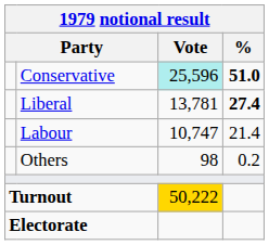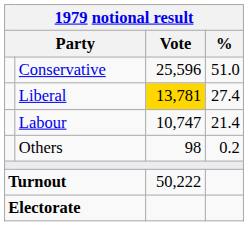 <table class="wikitable">
 <tr>
 <th colspan="4"><a href='#'>1979</a> <a href='#'>notional result</a></th>
 </tr>
 <tr>
 <th bgcolor="#DDDDFF" width="130px" colspan="2">Party</th>
 <th bgcolor="#DDDDFF" width="50px">Vote</th>
 <th bgcolor="#DDDDFF" width="30px">%</th>
 </tr>
 <tr>
 <td></td>
 <td><a href='#'>Conservative</a></td>
-<td align=right style="background: paleturquoise;">25,596</td>
-<td align=right><strong>51.0</strong></td>
+<td align=right>25,596</td>
+<td align=right>51.0</td>
 </tr>
 <tr>
 <td></td>
 <td><a href='#'>Liberal</a></td>
-<td align=right>13,781</td>
-<td align=right><strong>27.4</strong></td>
+<td align=right style="background: gold;">13,781</td>
+<td align=right>27.4</td>
 </tr>
 <tr>
 <td></td>
 <td><a href='#'>Labour</a></td>
 <td align=right>10,747</td>
 <td align=right>21.4</td>
 </tr>
 <tr>
 <td></td>
 <td>Others</td>
 <td align=right>98</td>
 <td align=right>0.2</td>
 </tr>
 <tr>
 <td colspan="4" bgcolor="#EAECF0"></td>
 </tr>
 <tr>
 <td colspan="2"><strong>Turnout</strong></td>
-<td align=right style="background: gold;">50,222</td>
+<td align=right>50,222</td>
 <td align=right></td>
 </tr>
 <tr>
 <td colspan="2"><strong>Electorate</strong></td>
 <td align=right></td>
 </tr>
 </table>
